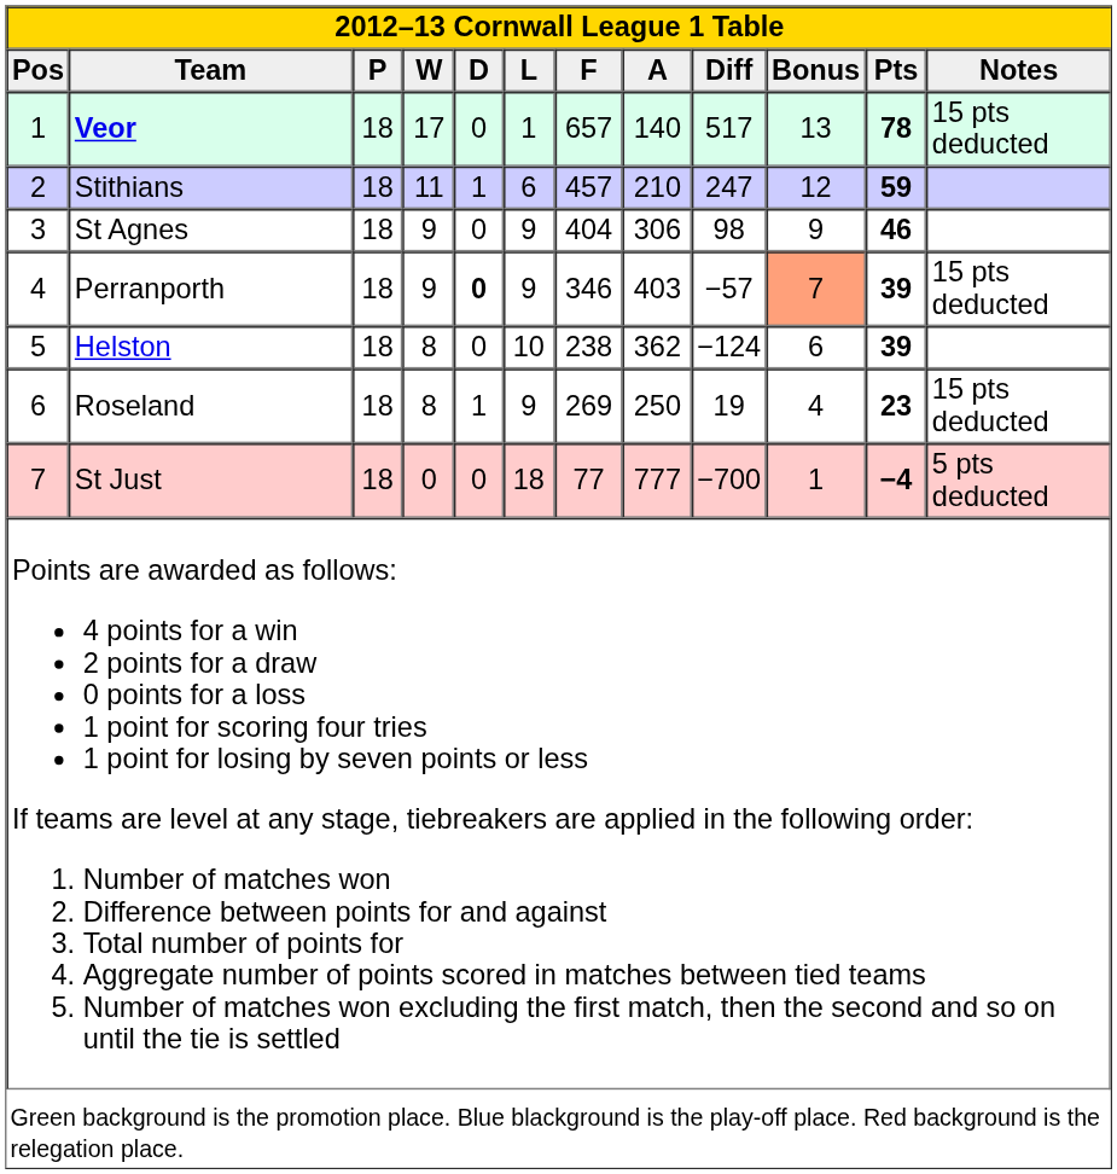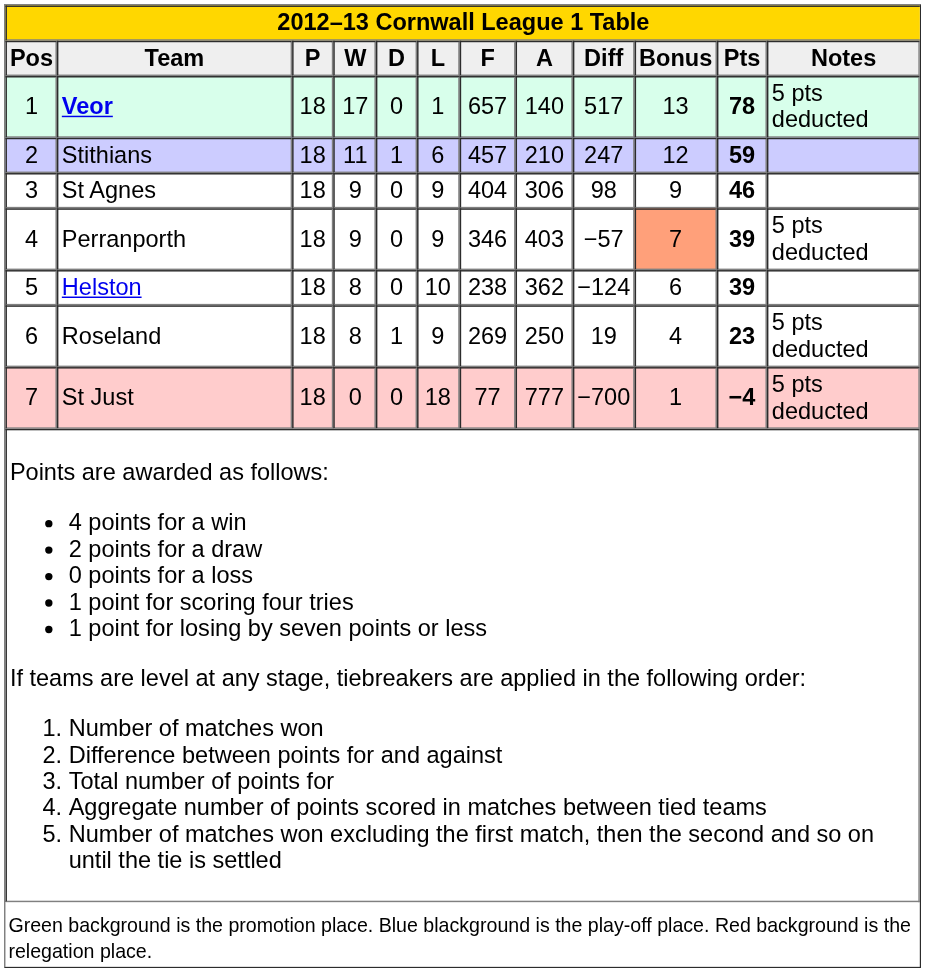 <table border="1" cellpadding="2" cellspacing="0">
 <tr bgcolor="gold">
 <th colspan=13 style="border-right:0px;";>2012–13 Cornwall League 1 Table</th>
 </tr>
 <tr bgcolor="#efefef">
 <th width="20">Pos</th>
 <th width="180">Team</th>
 <th width="25">P</th>
 <th width="25">W</th>
 <th width="25">D</th>
 <th width="25">L</th>
 <th width="35">F</th>
 <th width="35">A</th>
 <th width="35">Diff</th>
 <th width="35">Bonus</th>
 <th width="30">Pts</th>
 <th width="110">Notes</th>
 </tr>
 <tr bgcolor=#d8ffeb align=center>
 <td>1</td>
 <td align=left><strong><a href='#'>Veor</a></strong></td>
 <td>18</td>
 <td>17</td>
 <td>0</td>
 <td>1</td>
 <td>657</td>
 <td>140</td>
 <td>517</td>
 <td>13</td>
 <td><strong>78</strong></td>
-<td align=left>15 pts deducted</td>
+<td align=left>5 pts deducted</td>
 </tr>
 <tr bgcolor=#ccccff align=center>
 <td>2</td>
 <td align=left>Stithians</td>
 <td>18</td>
 <td>11</td>
 <td>1</td>
 <td>6</td>
 <td>457</td>
 <td>210</td>
 <td>247</td>
 <td>12</td>
 <td><strong>59</strong></td>
 <td></td>
 </tr>
 <tr align=center>
 <td>3</td>
 <td align=left>St Agnes</td>
 <td>18</td>
 <td>9</td>
 <td>0</td>
 <td>9</td>
 <td>404</td>
 <td>306</td>
 <td>98</td>
 <td>9</td>
 <td><strong>46</strong></td>
 <td></td>
 </tr>
 <tr align=center>
 <td>4</td>
 <td align=left>Perranporth</td>
 <td>18</td>
 <td>9</td>
-<td><strong>0</strong></td>
+<td>0</td>
 <td>9</td>
 <td>346</td>
 <td>403</td>
 <td>−57</td>
 <td style="background: lightsalmon;">7</td>
 <td><strong>39</strong></td>
-<td align=left>15 pts deducted</td>
+<td align=left>5 pts deducted</td>
 </tr>
 <tr align=center>
 <td>5</td>
 <td align=left><a href='#'>Helston</a></td>
 <td>18</td>
 <td>8</td>
 <td>0</td>
 <td>10</td>
 <td>238</td>
 <td>362</td>
 <td>−124</td>
 <td>6</td>
 <td><strong>39</strong></td>
 <td></td>
 </tr>
 <tr align=center>
 <td>6</td>
 <td align=left>Roseland</td>
 <td>18</td>
 <td>8</td>
 <td>1</td>
 <td>9</td>
 <td>269</td>
 <td>250</td>
 <td>19</td>
 <td>4</td>
 <td><strong>23</strong></td>
-<td align=left>15 pts deducted</td>
+<td align=left>5 pts deducted</td>
 </tr>
 <tr bgcolor=#ffcccc align=center>
 <td>7</td>
 <td align=left>St Just</td>
 <td>18</td>
 <td>0</td>
 <td>0</td>
 <td>18</td>
 <td>77</td>
 <td>777</td>
 <td>−700</td>
 <td>1</td>
 <td><strong>−4</strong></td>
 <td align=left>5 pts deducted</td>
 </tr>
 <tr bgcolor=#ffffff>
 <td colspan="13"><br>Points are awarded as follows:<ul><li>4 points for a win</li><li>2 points for a draw</li><li>0 points for a loss</li><li>1 point for scoring four tries</li><li>1 point for losing by seven points or less</li></ul>If teams are level at any stage, tiebreakers are applied in the following order:<ol><li>Number of matches won</li><li>Difference between points for and against</li><li>Total number of points for</li><li>Aggregate number of points scored in matches between tied teams</li><li>Number of matches won excluding the first match, then the second and so on until the tie is settled</li></ol></td>
 </tr>
 <tr |align=centre|>
 <td colspan="12" style="border:0px"></td>
 </tr>
 <tr align=centre>
 <td colspan="12" style="border:0px" align=centre><small>Green background is the promotion place. Blue blackground is the play-off place. Red background is the relegation place.</small></td>
 </tr>
 </table>
